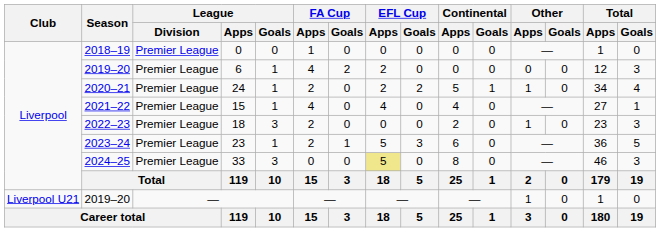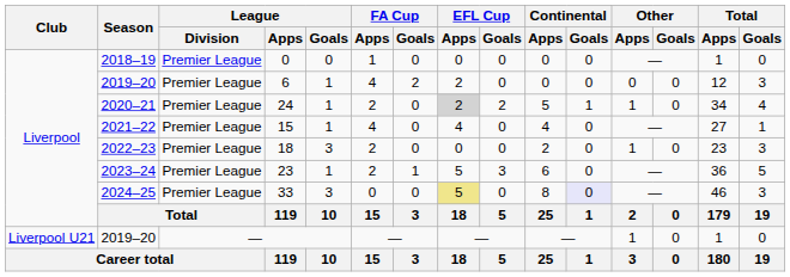 <table class="wikitable" style="text-align: center;">
 <tr>
 <th rowspan="2">Club</th>
 <th rowspan="2">Season</th>
 <th colspan="3">League</th>
 <th colspan="2"><a href='#'>FA Cup</a></th>
 <th colspan="2"><a href='#'>EFL Cup</a></th>
 <th colspan="2">Continental</th>
 <th colspan="2">Other</th>
 <th colspan="2">Total</th>
 </tr>
 <tr>
 <th>Division</th>
 <th>Apps</th>
 <th>Goals</th>
 <th>Apps</th>
 <th>Goals</th>
 <th>Apps</th>
 <th>Goals</th>
 <th>Apps</th>
 <th>Goals</th>
 <th>Apps</th>
 <th>Goals</th>
 <th>Apps</th>
 <th>Goals</th>
 </tr>
 <tr>
 <td rowspan="8"><a href='#'>Liverpool</a></td>
 <td><a href='#'>2018–19</a></td>
 <td><a href='#'>Premier League</a></td>
 <td>0</td>
 <td>0</td>
 <td>1</td>
 <td>0</td>
 <td>0</td>
 <td>0</td>
 <td>0</td>
 <td>0</td>
 <td colspan="2">—</td>
 <td>1</td>
 <td>0</td>
 </tr>
 <tr>
 <td><a href='#'>2019–20</a></td>
 <td>Premier League</td>
 <td>6</td>
 <td>1</td>
 <td>4</td>
 <td>2</td>
 <td>2</td>
 <td>0</td>
 <td>0</td>
 <td>0</td>
 <td>0</td>
 <td>0</td>
 <td>12</td>
 <td>3</td>
 </tr>
 <tr>
 <td><a href='#'>2020–21</a></td>
 <td>Premier League</td>
 <td>24</td>
 <td>1</td>
 <td>2</td>
 <td>0</td>
-<td>2</td>
+<td style="background: lightgrey;">2</td>
 <td>2</td>
 <td>5</td>
 <td>1</td>
 <td>1</td>
 <td>0</td>
 <td>34</td>
 <td>4</td>
 </tr>
 <tr>
 <td><a href='#'>2021–22</a></td>
 <td>Premier League</td>
 <td>15</td>
 <td>1</td>
 <td>4</td>
 <td>0</td>
 <td>4</td>
 <td>0</td>
 <td>4</td>
 <td>0</td>
 <td colspan="2">—</td>
 <td>27</td>
 <td>1</td>
 </tr>
 <tr>
 <td><a href='#'>2022–23</a></td>
 <td>Premier League</td>
 <td>18</td>
 <td>3</td>
 <td>2</td>
 <td>0</td>
 <td>0</td>
 <td>0</td>
 <td>2</td>
 <td>0</td>
 <td>1</td>
 <td>0</td>
 <td>23</td>
 <td>3</td>
 </tr>
 <tr>
 <td><a href='#'>2023–24</a></td>
 <td>Premier League</td>
 <td>23</td>
 <td>1</td>
 <td>2</td>
 <td>1</td>
 <td>5</td>
 <td>3</td>
 <td>6</td>
 <td>0</td>
 <td colspan="2">—</td>
 <td>36</td>
 <td>5</td>
 </tr>
 <tr>
 <td><a href='#'>2024–25</a></td>
 <td>Premier League</td>
 <td>33</td>
 <td>3</td>
 <td>0</td>
 <td>0</td>
 <td style="background: khaki;">5</td>
 <td>0</td>
 <td>8</td>
-<td>0</td>
+<td style="background: lavender;">0</td>
 <td colspan="2">—</td>
 <td>46</td>
 <td>3</td>
 </tr>
 <tr>
 <th colspan="2">Total</th>
 <th>119</th>
 <th>10</th>
 <th>15</th>
 <th>3</th>
 <th>18</th>
 <th>5</th>
 <th>25</th>
 <th>1</th>
 <th>2</th>
 <th>0</th>
 <th>179</th>
 <th>19</th>
 </tr>
 <tr>
 <td><a href='#'>Liverpool U21</a></td>
 <td>2019–20</td>
 <td colspan="3">—</td>
 <td colspan="2">—</td>
 <td colspan="2">—</td>
 <td colspan="2">—</td>
 <td>1</td>
 <td>0</td>
 <td>1</td>
 <td>0</td>
 </tr>
 <tr>
 <th colspan="3">Career total</th>
 <th>119</th>
 <th>10</th>
 <th>15</th>
 <th>3</th>
 <th>18</th>
 <th>5</th>
 <th>25</th>
 <th>1</th>
 <th>3</th>
 <th>0</th>
 <th>180</th>
 <th>19</th>
 </tr>
 </table>
